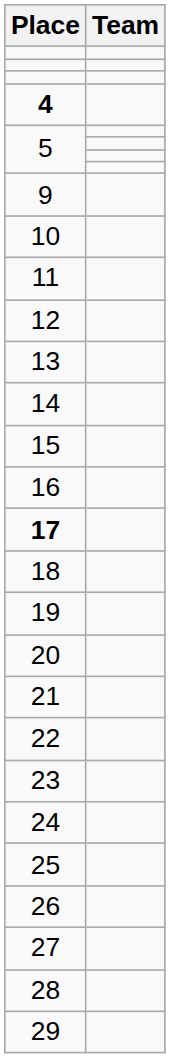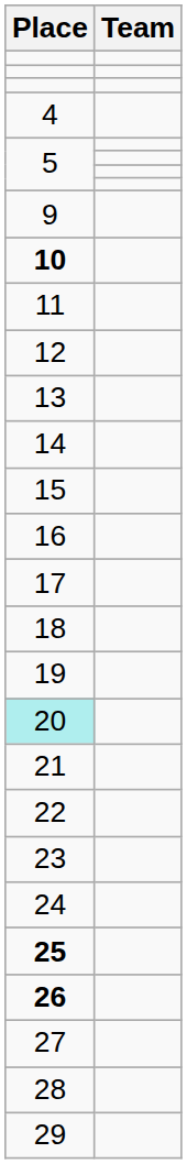 <table class="wikitable">
 <tr>
 <th>Place</th>
 <th>Team</th>
 </tr>
 <tr>
 <td align=center></td>
 <td></td>
 </tr>
 <tr>
 <td align=center></td>
 <td></td>
 </tr>
 <tr>
 <td align=center></td>
 <td></td>
 </tr>
 <tr>
-<td align=center><strong>4</strong></td>
+<td align=center>4</td>
 <td></td>
 </tr>
 <tr>
 <td align=center rowspan=4>5</td>
 <td></td>
 </tr>
 <tr>
 <td></td>
 </tr>
 <tr>
 <td></td>
 </tr>
 <tr>
 <td></td>
 </tr>
 <tr>
 <td align=center>9</td>
 <td></td>
 </tr>
 <tr>
-<td align=center>10</td>
+<td align=center><strong>10</strong></td>
 <td></td>
 </tr>
 <tr>
 <td align=center>11</td>
 <td></td>
 </tr>
 <tr>
 <td align=center>12</td>
 <td></td>
 </tr>
 <tr>
 <td align=center>13</td>
 <td></td>
 </tr>
 <tr>
 <td align=center>14</td>
 <td></td>
 </tr>
 <tr>
 <td align=center>15</td>
 <td></td>
 </tr>
 <tr>
 <td align=center>16</td>
 <td></td>
 </tr>
 <tr>
-<td align=center><strong>17</strong></td>
+<td align=center>17</td>
 <td></td>
 </tr>
 <tr>
 <td align=center>18</td>
 <td></td>
 </tr>
 <tr>
 <td align=center>19</td>
 <td></td>
 </tr>
 <tr>
-<td align=center>20</td>
+<td align=center style="background: paleturquoise;">20</td>
 <td></td>
 </tr>
 <tr>
 <td align=center>21</td>
 <td></td>
 </tr>
 <tr>
 <td align=center>22</td>
 <td></td>
 </tr>
 <tr>
 <td align=center>23</td>
 <td></td>
 </tr>
 <tr>
 <td align=center>24</td>
 <td></td>
 </tr>
 <tr>
-<td align=center>25</td>
+<td align=center><strong>25</strong></td>
 <td></td>
 </tr>
 <tr>
-<td align=center>26</td>
+<td align=center><strong>26</strong></td>
 <td></td>
 </tr>
 <tr>
 <td align=center>27</td>
 <td></td>
 </tr>
 <tr>
 <td align=center>28</td>
 <td></td>
 </tr>
 <tr>
 <td align=center>29</td>
 <td></td>
 </tr>
 </table>
